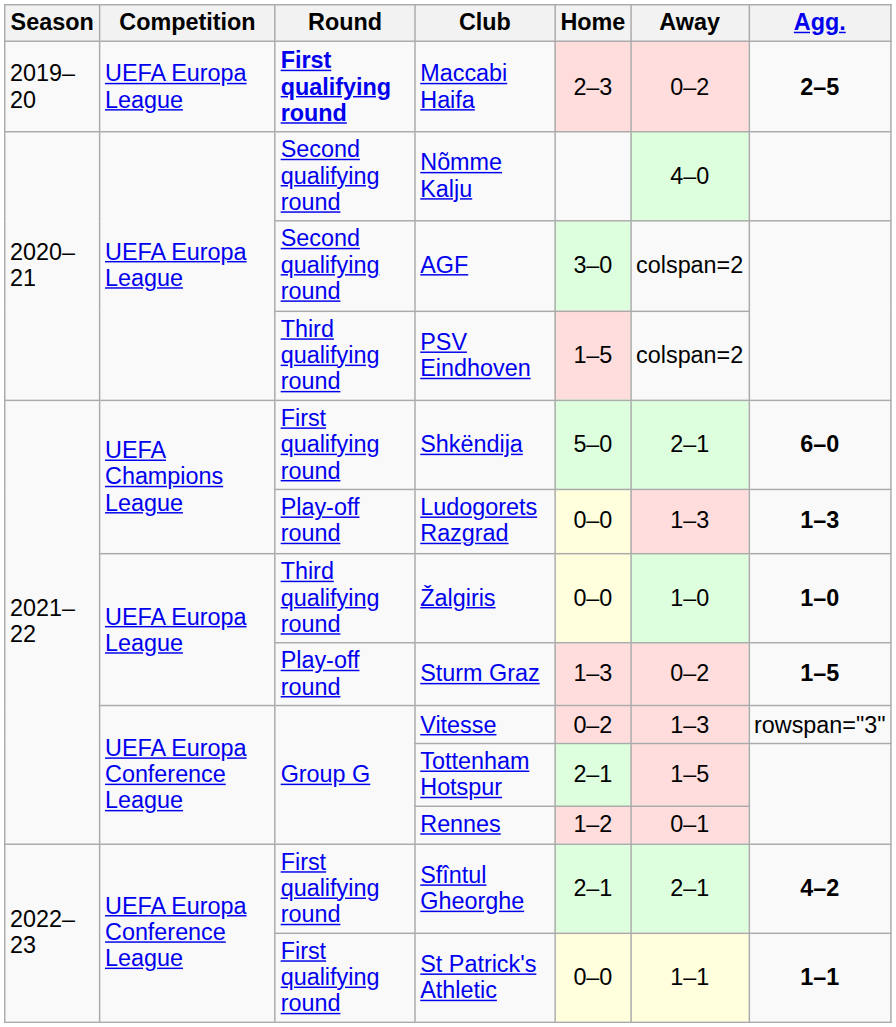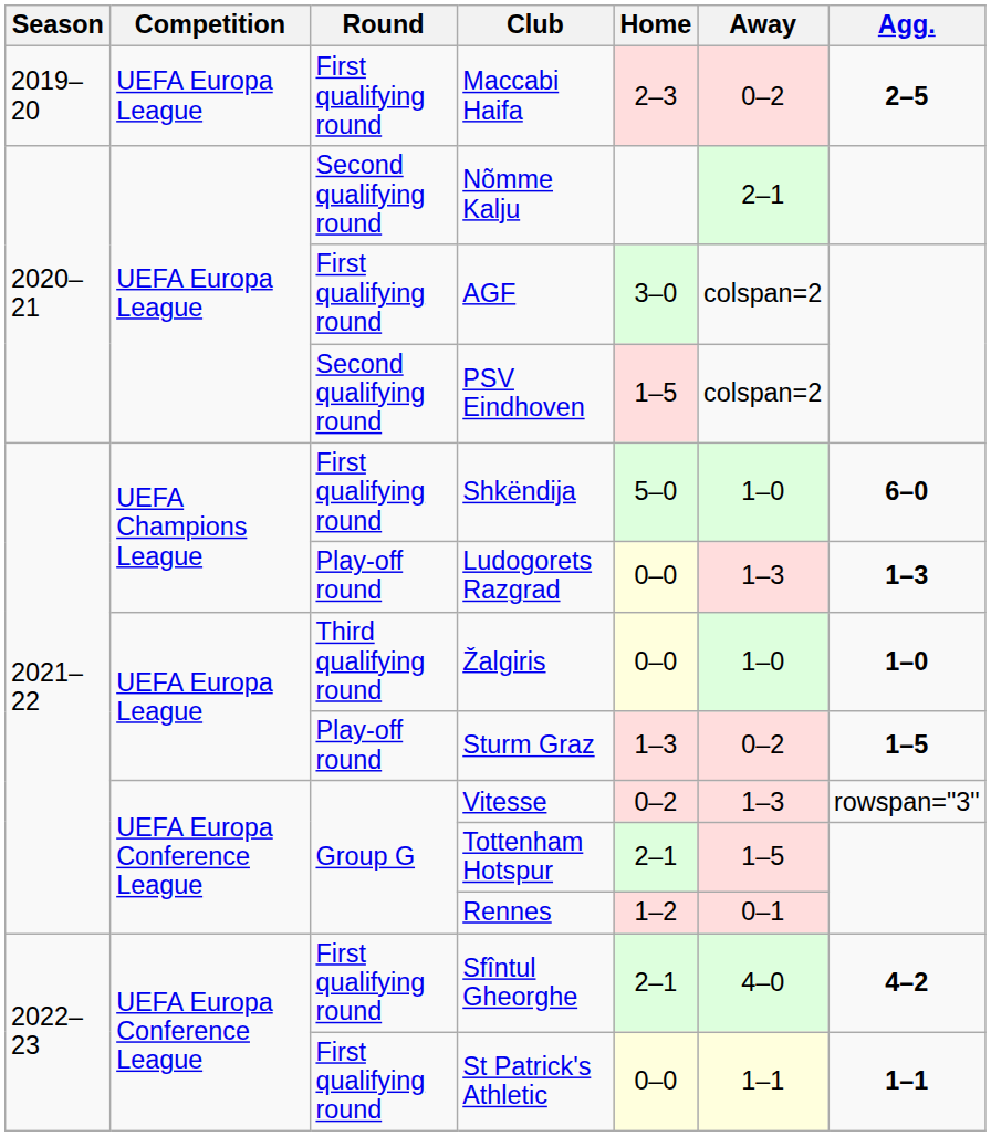 <table class="wikitable">
 <tr>
 <th>Season</th>
 <th>Competition</th>
 <th>Round</th>
 <th>Club</th>
 <th>Home</th>
 <th>Away</th>
 <th><a href='#'>Agg.</a></th>
 </tr>
 <tr>
 <td>2019–20</td>
 <td><a href='#'>UEFA Europa League</a></td>
-<td><strong><a href='#'>First qualifying round</a></strong></td>
+<td><a href='#'>First qualifying round</a></td>
 <td> <a href='#'>Maccabi Haifa</a></td>
 <td style="text-align:center;" bgcolor="#FFDDDD">2–3</td>
 <td style="text-align:center;" bgcolor="#FFDDDD">0–2</td>
 <td style="text-align:center;"><strong>2–5</strong></td>
 </tr>
 <tr>
 <td rowspan="3">2020–21</td>
 <td rowspan="3"><a href='#'>UEFA Europa League</a></td>
 <td><a href='#'>Second qualifying round</a></td>
 <td> <a href='#'>Nõmme Kalju</a></td>
 <td></td>
-<td style="text-align:center;" bgcolor="#DDFFDD">4–0</td>
+<td style="text-align:center;" bgcolor="#DDFFDD">2–1</td>
 <td></td>
 </tr>
 <tr>
-<td><a href='#'>Second qualifying round</a></td>
+<td><a href='#'>First qualifying round</a></td>
 <td> <a href='#'>AGF</a></td>
 <td style="text-align:center;" bgcolor="#DDFFDD">3–0</td>
 <td>colspan=2 </td>
 </tr>
 <tr>
-<td><a href='#'>Third qualifying round</a></td>
+<td><a href='#'>Second qualifying round</a></td>
 <td> <a href='#'>PSV Eindhoven</a></td>
 <td style="text-align:center;" bgcolor="#FFDDDD">1–5</td>
 <td>colspan=2 </td>
 </tr>
 <tr>
 <td rowspan=7>2021–22</td>
 <td rowspan=2><a href='#'>UEFA Champions League</a></td>
 <td><a href='#'>First qualifying round</a></td>
 <td> <a href='#'>Shkëndija</a></td>
 <td style="text-align:center;" bgcolor="#DDFFDD">5–0</td>
-<td style="text-align:center;" bgcolor="#DDFFDD">2–1</td>
+<td style="text-align:center;" bgcolor="#DDFFDD">1–0</td>
 <td style="text-align:center;"><strong>6–0</strong></td>
 </tr>
 <tr>
 <td><a href='#'>Play-off round</a></td>
 <td> <a href='#'>Ludogorets Razgrad</a></td>
 <td style="text-align:center;" bgcolor="#FFFFDD">0–0</td>
 <td style="text-align:center;" bgcolor="#FFDDDD">1–3</td>
 <td style="text-align:center;"><strong>1–3</strong></td>
 </tr>
 <tr>
 <td rowspan=2><a href='#'>UEFA Europa League</a></td>
 <td><a href='#'>Third qualifying round</a></td>
 <td> <a href='#'>Žalgiris</a></td>
 <td style="text-align:center;" bgcolor="#FFFFDD">0–0</td>
 <td style="text-align:center;" bgcolor="#DDFFDD">1–0</td>
 <td style="text-align:center;"><strong>1–0</strong></td>
 </tr>
 <tr>
 <td><a href='#'>Play-off round</a></td>
 <td> <a href='#'>Sturm Graz</a></td>
 <td style="text-align:center;" bgcolor="#FFDDDD">1–3</td>
 <td style="text-align:center;" bgcolor="#FFDDDD">0–2</td>
 <td style="text-align:center;"><strong>1–5</strong></td>
 </tr>
 <tr>
 <td rowspan=3><a href='#'>UEFA Europa Conference League</a></td>
 <td rowspan=3><a href='#'>Group G</a></td>
 <td> <a href='#'>Vitesse</a></td>
 <td style="text-align:center;" bgcolor="#FFDDDD">0–2</td>
 <td style="text-align:center;" bgcolor="#FFDDDD">1–3</td>
 <td>rowspan="3" </td>
 </tr>
 <tr>
 <td> <a href='#'>Tottenham Hotspur</a></td>
 <td style="text-align:center;" bgcolor="#DDFFDD">2–1</td>
 <td style="text-align:center;" bgcolor="#FFDDDD">1–5</td>
 </tr>
 <tr>
 <td> <a href='#'>Rennes</a></td>
 <td style="text-align:center;" bgcolor="#FFDDDD">1–2</td>
 <td style="text-align:center;" bgcolor="#FFDDDD">0–1</td>
 </tr>
 <tr>
 <td rowspan=2>2022–23</td>
 <td rowspan=2><a href='#'>UEFA Europa Conference League</a></td>
 <td><a href='#'>First qualifying round</a></td>
 <td> <a href='#'>Sfîntul Gheorghe</a></td>
 <td style="text-align:center;" bgcolor="#DDFFDD">2–1</td>
-<td style="text-align:center;" bgcolor="#DDFFDD">2–1</td>
+<td style="text-align:center;" bgcolor="#DDFFDD">4–0</td>
 <td style="text-align:center;"><strong>4–2</strong></td>
 </tr>
 <tr>
 <td><a href='#'>First qualifying round</a></td>
 <td> <a href='#'>St Patrick's Athletic</a></td>
 <td style="text-align:center;" bgcolor="#FFFFDD">0–0</td>
 <td style="text-align:center;" bgcolor="#FFFFDD">1–1</td>
 <td style="text-align:center;"><strong>1–1</strong></td>
 </tr>
 </table>
